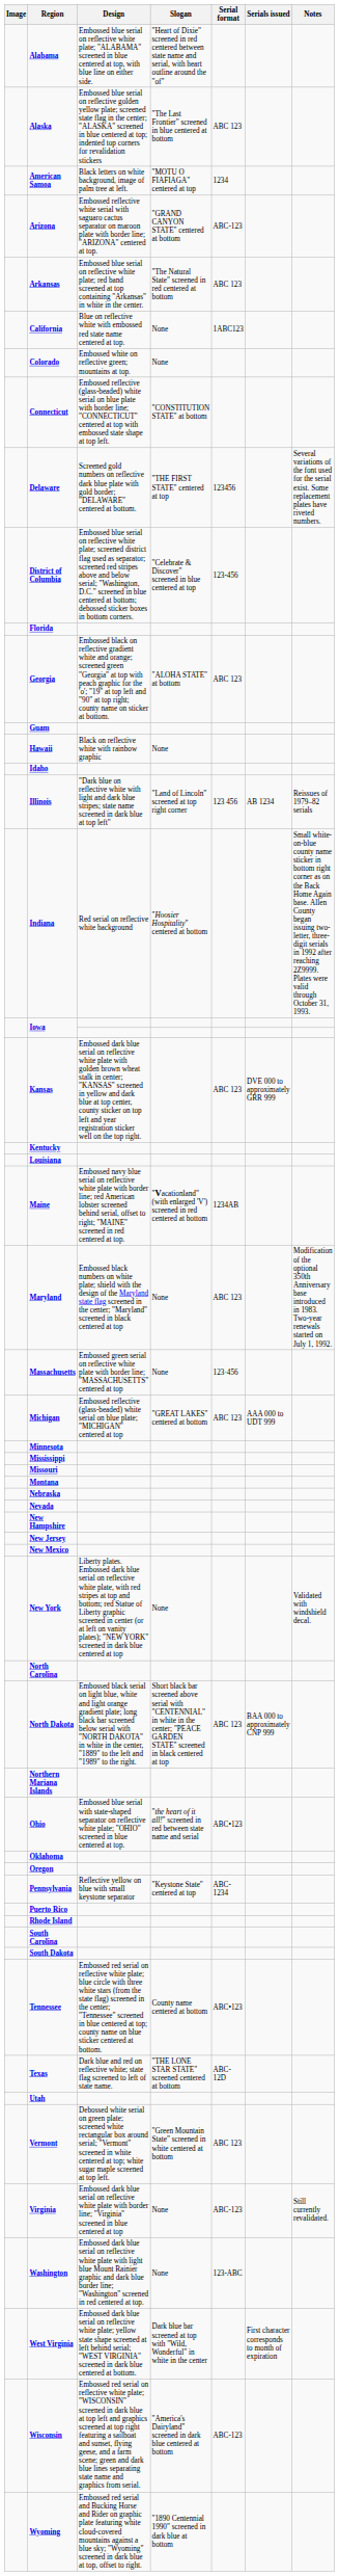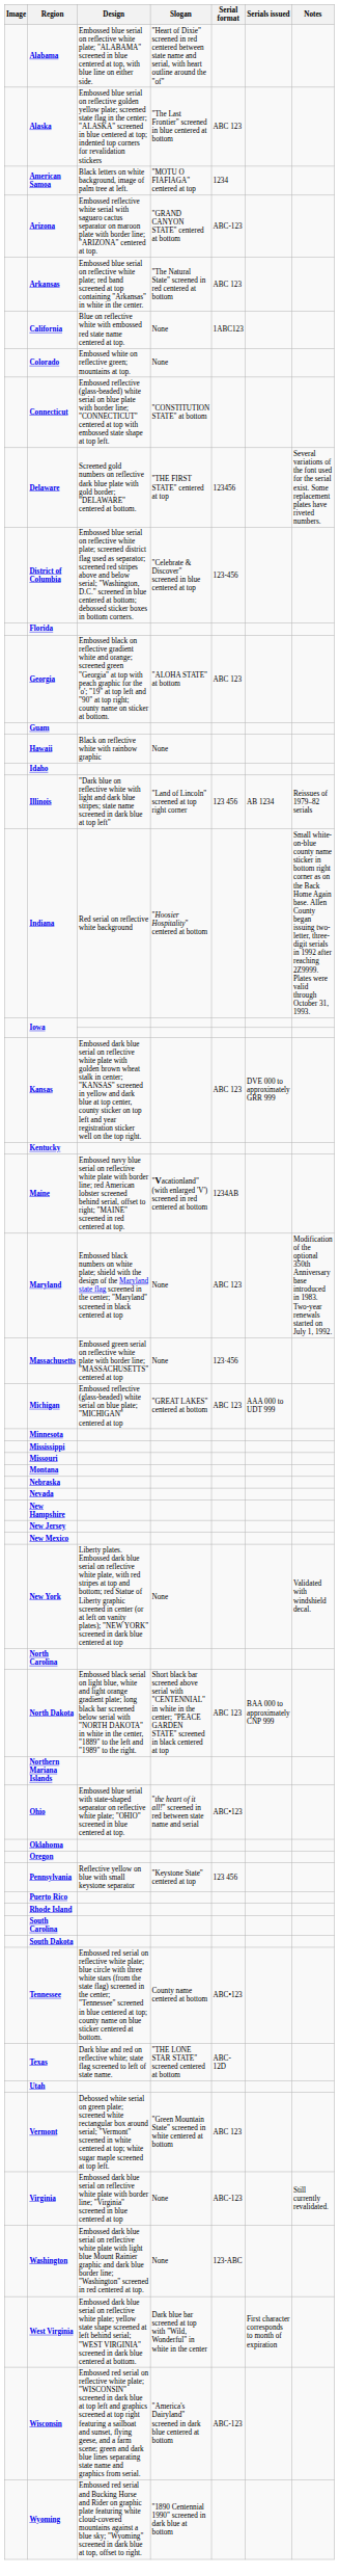 <table class="wikitable">
 <tr>
 <th>Image</th>
 <th>Region</th>
 <th>Design</th>
 <th>Slogan</th>
 <th>Serial format</th>
 <th>Serials issued</th>
 <th>Notes</th>
 </tr>
 <tr>
 <td></td>
 <td><strong><a href='#'>Alabama</a></strong></td>
 <td>Embossed blue serial on reflective white plate; "ALABAMA" screened in blue centered at top, with blue line on either side.</td>
 <td>"Heart of Dixie" screened in red centered between state name and serial, with heart outline around the "of"</td>
 <td></td>
 <td></td>
 <td></td>
 </tr>
 <tr>
 <td></td>
 <td><strong><a href='#'>Alaska</a></strong></td>
 <td>Embossed blue serial on reflective golden yellow plate; screened state flag in the center; "ALASKA" screened in blue centered at top; indented top corners for revalidation stickers</td>
 <td>"The Last Frontier" screened in blue centered at bottom</td>
 <td>ABC 123</td>
 <td></td>
 <td></td>
 </tr>
 <tr>
 <td></td>
 <td><strong><a href='#'>American Samoa</a></strong></td>
 <td>Black letters on white background, image of palm tree at left.</td>
 <td>"MOTU O FIAFIAGA" centered at top</td>
 <td>1234</td>
 <td></td>
 <td></td>
 </tr>
 <tr>
 <td></td>
 <td><strong><a href='#'>Arizona</a></strong></td>
 <td>Embossed reflective white serial with saguaro cactus separator on maroon plate with border line; "ARIZONA" centered at top.</td>
 <td>"GRAND CANYON STATE" centered at bottom</td>
 <td>ABC-123</td>
 <td></td>
 <td></td>
 </tr>
 <tr>
 <td></td>
 <td><strong><a href='#'>Arkansas</a></strong></td>
 <td>Embossed blue serial on reflective white plate; red band screened at top containing "Arkansas" in white in the center.</td>
 <td>"The Natural State" screened in red centered at bottom</td>
 <td>ABC 123</td>
 <td></td>
 <td></td>
 </tr>
 <tr>
 <td></td>
 <td><strong><a href='#'>California</a></strong></td>
 <td>Blue on reflective white with embossed red state name centered at top.</td>
 <td>None</td>
 <td>1ABC123</td>
 <td></td>
 <td></td>
 </tr>
 <tr>
 <td></td>
 <td><strong><a href='#'>Colorado</a></strong></td>
 <td>Embossed white on reflective green; mountains at top.</td>
 <td>None</td>
 <td></td>
 <td></td>
 <td></td>
 </tr>
 <tr>
 <td></td>
 <td><strong><a href='#'>Connecticut</a></strong></td>
 <td>Embossed reflective (glass-beaded) white serial on blue plate with border line; "CONNECTICUT" centered at top with embossed state shape at top left.</td>
 <td>"CONSTITUTION STATE" at bottom</td>
 <td></td>
 <td></td>
 <td></td>
 </tr>
 <tr>
 <td></td>
 <td><strong><a href='#'>Delaware</a></strong></td>
 <td>Screened gold numbers on reflective dark blue plate with gold border; "DELAWARE" centered at bottom.</td>
 <td>"THE FIRST STATE" centered at top</td>
 <td>123456</td>
 <td></td>
 <td>Several variations of the font used for the serial exist. Some replacement plates have riveted numbers.</td>
 </tr>
 <tr>
 <td></td>
 <td><strong><a href='#'>District of<br>Columbia</a></strong></td>
 <td>Embossed blue serial on reflective white plate; screened district flag used as separator; screened red stripes above and below serial; "Washington, D.C." screened in blue centered at bottom; debossed sticker boxes in bottom corners.</td>
 <td>"Celebrate & Discover" screened in blue centered at top</td>
 <td>123-456</td>
 <td></td>
 <td></td>
 </tr>
 <tr>
 <td></td>
 <td><strong><a href='#'>Florida</a></strong></td>
 <td></td>
 <td></td>
 <td></td>
 <td></td>
 <td></td>
 </tr>
 <tr>
 <td></td>
 <td><strong><a href='#'>Georgia</a></strong></td>
 <td>Embossed black on reflective gradient white and orange; screened green "Georgia" at top with peach graphic for the 'o'; "19" at top left and "90" at top right; county name on sticker at bottom.</td>
 <td>"ALOHA STATE" at bottom</td>
 <td>ABC 123</td>
 <td></td>
 <td></td>
 </tr>
 <tr>
 <td></td>
 <td><strong><a href='#'>Guam</a></strong></td>
 <td></td>
 <td></td>
 <td></td>
 <td></td>
 <td></td>
 </tr>
 <tr>
 <td></td>
 <td><strong><a href='#'>Hawaii</a></strong></td>
 <td>Black on reflective white with rainbow graphic</td>
 <td>None</td>
 <td></td>
 <td></td>
 <td></td>
 </tr>
 <tr>
 <td></td>
 <td><strong><a href='#'>Idaho</a></strong></td>
 <td></td>
 <td></td>
 <td></td>
 <td></td>
 <td></td>
 </tr>
 <tr>
 <td></td>
 <td><strong><a href='#'>Illinois</a></strong></td>
 <td>"Dark blue on reflective white with light and dark blue stripes; state name screened in dark blue at top left"</td>
 <td>"Land of Lincoln" screened at top right corner</td>
 <td>123 456</td>
 <td>AB 1234</td>
 <td>Reissues of 1979–82 serials</td>
 </tr>
 <tr>
 <td></td>
 <td><strong><a href='#'>Indiana</a></strong></td>
 <td>Red serial on reflective white background</td>
 <td>"<em>Hoosier Hospitality</em>" centered at bottom</td>
 <td></td>
 <td></td>
 <td>Small white-on-blue county name sticker in bottom right corner as on the Back Home Again base. Allen County began issuing two-letter, three-digit serials in 1992 after reaching 2Z9999. Plates were valid through October 31, 1993.</td>
 </tr>
 <tr>
 <td rowspan="2"><br><br></td>
 <td rowspan="2"><strong><a href='#'>Iowa</a></strong></td>
 <td></td>
 <td></td>
 <td></td>
 <td></td>
 <td></td>
 </tr>
 <tr>
 <td></td>
 <td></td>
 <td></td>
 <td></td>
 <td></td>
 </tr>
 <tr>
 <td></td>
 <td><strong><a href='#'>Kansas</a></strong></td>
 <td>Embossed dark blue serial on reflective white plate with golden brown wheat stalk in center; "KANSAS" screened in yellow and dark blue at top center, county sticker on top left and year registration sticker well on the top right.</td>
 <td></td>
 <td>ABC 123</td>
 <td>DVE 000 to approximately GRR 999</td>
 <td></td>
 </tr>
 <tr>
 <td></td>
 <td><strong><a href='#'>Kentucky</a></strong></td>
 <td></td>
 <td></td>
 <td></td>
 <td></td>
 <td></td>
 </tr>
 <tr>
 <td></td>
-<td><strong><a href='#'>Louisiana</a></strong></td>
-<td></td>
-<td></td>
-<td></td>
-<td></td>
-<td></td>
-</tr>
-<tr>
-<td></td>
 <td><strong><a href='#'>Maine</a></strong></td>
 <td>Embossed navy blue serial on reflective white plate with border line; red American lobster screened behind serial, offset to right; "MAINE" screened in red centered at top.</td>
 <td>"<big><strong>V</strong></big>acationland" (with enlarged 'V') screened in red centered at bottom</td>
 <td>1234AB</td>
 <td></td>
 <td></td>
 </tr>
 <tr>
 <td></td>
 <td><strong><a href='#'>Maryland</a></strong></td>
 <td>Embossed black numbers on white plate; shield with the design of the <a href='#'>Maryland state flag</a> screened in the center; "Maryland" screened in black centered at top</td>
 <td>None</td>
 <td>ABC 123</td>
 <td></td>
 <td>Modification of the optional 350th Anniversary base introduced in 1983. Two-year renewals started on July 1, 1992.</td>
 </tr>
 <tr>
 <td></td>
 <td><strong><a href='#'>Massachusetts</a></strong></td>
 <td>Embossed green serial on reflective white plate with border line; "MASSACHUSETTS" centered at top</td>
 <td>None</td>
 <td>123·456</td>
 <td></td>
 <td></td>
 </tr>
 <tr>
 <td></td>
 <td><strong><a href='#'>Michigan</a></strong></td>
 <td>Embossed reflective (glass-beaded) white serial on blue plate; "MICHIGAN" centered at top</td>
 <td>"GREAT LAKES" centered at bottom</td>
 <td>ABC 123</td>
 <td>AAA 000 to UDT 999</td>
 <td></td>
 </tr>
 <tr>
 <td></td>
 <td><strong><a href='#'>Minnesota</a></strong></td>
 <td></td>
 <td></td>
 <td></td>
 <td></td>
 <td></td>
 </tr>
 <tr>
 <td></td>
 <td><strong><a href='#'>Mississippi</a></strong></td>
 <td></td>
 <td></td>
 <td></td>
 <td></td>
 <td></td>
 </tr>
 <tr>
 <td></td>
 <td><strong><a href='#'>Missouri</a></strong></td>
 <td></td>
 <td></td>
 <td></td>
 <td></td>
 <td></td>
 </tr>
 <tr>
 <td></td>
 <td><strong><a href='#'>Montana</a></strong></td>
 <td></td>
 <td></td>
 <td></td>
 <td></td>
 <td></td>
 </tr>
 <tr>
 <td></td>
 <td><strong><a href='#'>Nebraska</a></strong></td>
 <td></td>
 <td></td>
 <td></td>
 <td></td>
 <td></td>
 </tr>
 <tr>
 <td></td>
 <td><strong><a href='#'>Nevada</a></strong></td>
 <td></td>
 <td></td>
 <td></td>
 <td></td>
 <td></td>
 </tr>
 <tr>
 <td></td>
 <td><strong><a href='#'>New Hampshire</a></strong></td>
 <td></td>
 <td></td>
 <td></td>
 <td></td>
 <td></td>
 </tr>
 <tr>
 <td></td>
 <td><strong><a href='#'>New Jersey</a></strong></td>
 <td></td>
 <td></td>
 <td></td>
 <td></td>
 <td></td>
 </tr>
 <tr>
 <td></td>
 <td><strong><a href='#'>New Mexico</a></strong></td>
 <td></td>
 <td></td>
 <td></td>
 <td></td>
 <td></td>
 </tr>
 <tr>
 <td></td>
 <td><strong><a href='#'>New York</a></strong></td>
 <td>Liberty plates. Embossed dark blue serial on reflective white plate, with red stripes at top and bottom; red Statue of Liberty graphic screened in center (or at left on vanity plates); "NEW YORK" screened in dark blue centered at top</td>
 <td>None</td>
 <td></td>
 <td></td>
 <td>Validated with windshield decal.</td>
 </tr>
 <tr>
 <td></td>
 <td><strong><a href='#'>North Carolina</a></strong></td>
 <td></td>
 <td></td>
 <td></td>
 <td></td>
 <td></td>
 </tr>
 <tr>
 <td></td>
 <td><strong><a href='#'>North Dakota</a></strong></td>
 <td>Embossed black serial on light blue, white and light orange gradient plate; long black bar screened below serial with "NORTH DAKOTA" in white in the center, "1889" to the left and "1989" to the right.</td>
 <td>Short black bar screened above serial with "CENTENNIAL" in white in the center; "PEACE GARDEN STATE" screened in black centered at top</td>
 <td>ABC 123</td>
 <td>BAA 000 to approximately CNP 999</td>
 <td></td>
 </tr>
 <tr>
 <td></td>
 <td><strong><a href='#'>Northern Mariana<br> Islands</a></strong></td>
 <td></td>
 <td></td>
 <td></td>
 <td></td>
 <td></td>
 </tr>
 <tr>
 <td></td>
 <td><strong><a href='#'>Ohio</a></strong></td>
 <td>Embossed blue serial with state-shaped separator on reflective white plate; "OHIO" screened in blue centered at top.</td>
 <td>"<em>the heart of it all!</em>" screened in red between state name and serial</td>
 <td>ABC•123</td>
 <td></td>
 <td></td>
 </tr>
 <tr>
 <td></td>
 <td><strong><a href='#'>Oklahoma</a></strong></td>
 <td></td>
 <td></td>
 <td></td>
 <td></td>
 <td></td>
 </tr>
 <tr>
 <td></td>
 <td><strong><a href='#'>Oregon</a></strong></td>
 <td></td>
 <td></td>
 <td></td>
 <td></td>
 <td></td>
 </tr>
 <tr>
 <td></td>
 <td><strong><a href='#'>Pennsylvania</a></strong></td>
 <td>Reflective yellow on blue with small keystone separator</td>
 <td>"Keystone State" centered at top</td>
-<td>ABC-1234</td>
+<td>123 456</td>
 <td></td>
 <td></td>
 </tr>
 <tr>
 <td></td>
 <td><strong><a href='#'>Puerto Rico</a></strong></td>
 <td></td>
 <td></td>
 <td></td>
 <td></td>
 <td></td>
 </tr>
 <tr>
 <td></td>
 <td><strong><a href='#'>Rhode Island</a></strong></td>
 <td></td>
 <td></td>
 <td></td>
 <td></td>
 <td></td>
 </tr>
 <tr>
 <td></td>
 <td><strong><a href='#'>South Carolina</a></strong></td>
 <td></td>
 <td></td>
 <td></td>
 <td></td>
 <td></td>
 </tr>
 <tr>
 <td></td>
 <td><strong><a href='#'>South Dakota</a></strong></td>
 <td></td>
 <td></td>
 <td></td>
 <td></td>
 <td></td>
 </tr>
 <tr>
 <td></td>
 <td><strong><a href='#'>Tennessee</a></strong></td>
 <td>Embossed red serial on reflective white plate; blue circle with three white stars (from the state flag) screened in the center; "Tennessee" screened in blue centered at top; county name on blue sticker centered at bottom.</td>
 <td>County name centered at bottom</td>
 <td>ABC•123</td>
 <td></td>
 <td></td>
 </tr>
 <tr>
 <td></td>
 <td><strong><a href='#'>Texas</a></strong></td>
 <td>Dark blue and red on reflective white; state flag screened to left of state name.</td>
 <td>"THE LONE STAR STATE" screened centered at bottom</td>
 <td>ABC-12D</td>
 <td></td>
 <td></td>
 </tr>
 <tr>
 <td></td>
 <td><strong><a href='#'>Utah</a></strong></td>
 <td></td>
 <td></td>
 <td></td>
 <td></td>
 </tr>
 <tr>
 <td></td>
 <td><strong><a href='#'>Vermont</a></strong></td>
 <td>Debossed white serial on green plate; screened white rectangular box around serial; "Vermont" screened in white centered at top; white sugar maple screened at top left.</td>
 <td>"Green Mountain State" screened in white centered at bottom</td>
 <td>ABC 123</td>
 <td></td>
 <td></td>
 </tr>
 <tr>
 <td></td>
 <td><strong><a href='#'>Virginia</a></strong></td>
 <td>Embossed dark blue serial on reflective white plate with border line; "Virginia" screened in blue centered at top</td>
 <td>None</td>
 <td>ABC-123</td>
 <td></td>
 <td>Still currently revalidated.</td>
 </tr>
 <tr>
 <td></td>
 <td><strong><a href='#'>Washington</a></strong></td>
 <td>Embossed dark blue serial on reflective white plate with light blue Mount Rainier graphic and dark blue border line; "Washington" screened in red centered at top.</td>
 <td>None</td>
 <td>123-ABC</td>
 <td></td>
 <td></td>
 </tr>
 <tr>
 <td></td>
 <td><strong><a href='#'>West Virginia</a></strong></td>
 <td>Embossed dark blue serial on reflective white plate; yellow state shape screened at left behind serial; "WEST VIRGINIA" screened in dark blue centered at bottom.</td>
 <td>Dark blue bar screened at top with "Wild, Wonderful" in white in the center</td>
 <td></td>
 <td>First character corresponds to month of expiration</td>
 <td></td>
 </tr>
 <tr>
 <td></td>
 <td><strong><a href='#'>Wisconsin</a></strong></td>
 <td>Embossed red serial on reflective white plate; "WISCONSIN" screened in dark blue at top left and graphics screened at top right featuring a sailboat and sunset, flying geese, and a farm scene; green and dark blue lines separating state name and graphics from serial.</td>
 <td>"America's Dairyland" screened in dark blue centered at bottom</td>
 <td>ABC-123</td>
 <td></td>
 <td></td>
 </tr>
 <tr>
 <td></td>
 <td><strong><a href='#'>Wyoming</a></strong></td>
 <td>Embossed red serial and Bucking Horse and Rider on graphic plate featuring white cloud-covered mountains against a blue sky; "Wyoming" screened in dark blue at top, offset to right.</td>
 <td>"1890 Centennial 1990" screened in dark blue at bottom</td>
 <td></td>
 <td></td>
 </tr>
 </table>
